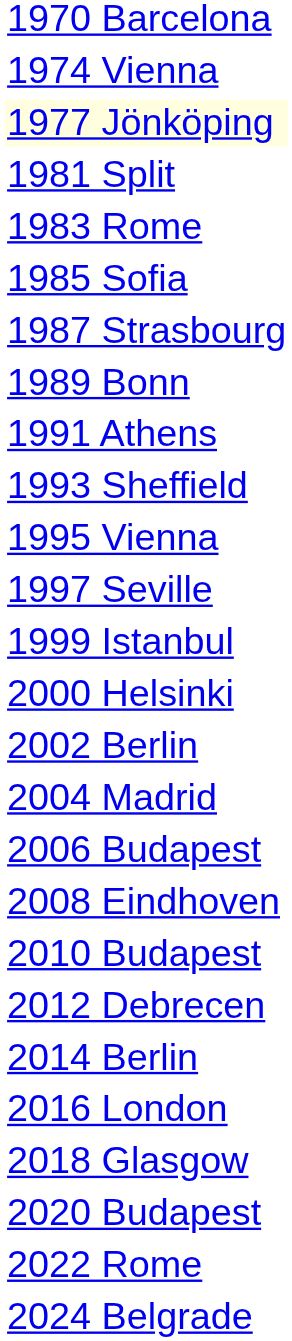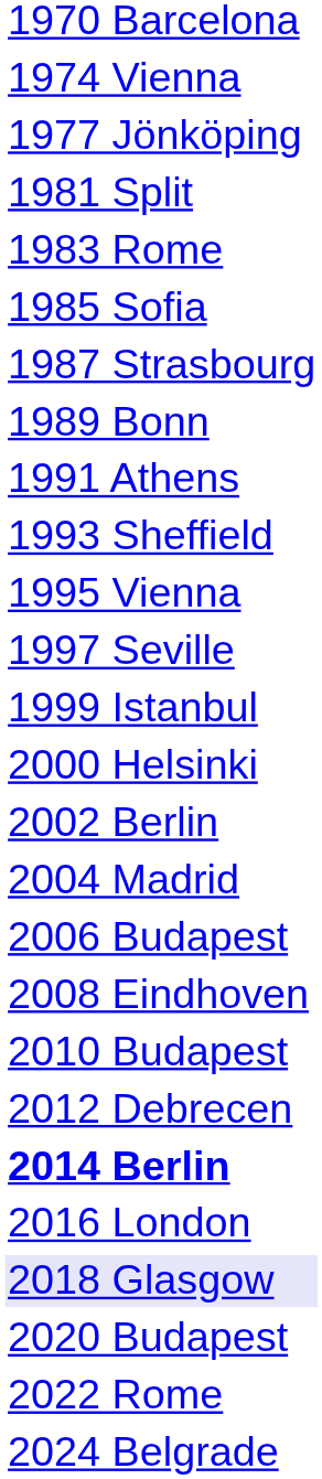 <table>
 <tr>
 <td><a href='#'>1970 Barcelona</a></td>
 <td></td>
 <td></td>
 <td></td>
 </tr>
 <tr>
 <td><a href='#'>1974 Vienna</a></td>
 <td></td>
 <td></td>
 <td></td>
 </tr>
 <tr>
-<td style="background: lightyellow;"><a href='#'>1977 Jönköping</a></td>
+<td><a href='#'>1977 Jönköping</a></td>
 <td></td>
 <td></td>
 <td></td>
 </tr>
 <tr>
 <td><a href='#'>1981 Split</a></td>
 <td></td>
 <td></td>
 <td></td>
 </tr>
 <tr>
 <td><a href='#'>1983 Rome</a></td>
 <td></td>
 <td></td>
 <td></td>
 </tr>
 <tr>
 <td><a href='#'>1985 Sofia</a></td>
 <td></td>
 <td></td>
 <td></td>
 </tr>
 <tr>
 <td><a href='#'>1987 Strasbourg</a></td>
 <td></td>
 <td></td>
 <td></td>
 </tr>
 <tr>
 <td><a href='#'>1989 Bonn</a></td>
 <td></td>
 <td></td>
 <td></td>
 </tr>
 <tr>
 <td><a href='#'>1991 Athens</a></td>
 <td></td>
 <td></td>
 <td></td>
 </tr>
 <tr>
 <td><a href='#'>1993 Sheffield</a></td>
 <td></td>
 <td></td>
 <td></td>
 </tr>
 <tr>
 <td rowspan=2><a href='#'>1995 Vienna</a></td>
 <td rowspan=2></td>
 <td rowspan=2></td>
 <td></td>
 </tr>
 <tr>
 <td></td>
 </tr>
 <tr>
 <td><a href='#'>1997 Seville</a></td>
 <td></td>
 <td></td>
 <td></td>
 </tr>
 <tr>
 <td><a href='#'>1999 Istanbul</a></td>
 <td></td>
 <td></td>
 <td></td>
 </tr>
 <tr>
 <td><a href='#'>2000 Helsinki</a></td>
 <td></td>
 <td></td>
 <td></td>
 </tr>
 <tr>
 <td><a href='#'>2002 Berlin</a></td>
 <td></td>
 <td></td>
 <td></td>
 </tr>
 <tr>
 <td><a href='#'>2004 Madrid</a></td>
 <td></td>
 <td></td>
 <td></td>
 </tr>
 <tr>
 <td><a href='#'>2006 Budapest</a></td>
 <td></td>
 <td></td>
 <td></td>
 </tr>
 <tr>
 <td><a href='#'>2008 Eindhoven</a></td>
 <td></td>
 <td></td>
 <td></td>
 </tr>
 <tr>
 <td><a href='#'>2010 Budapest</a></td>
 <td></td>
 <td></td>
 <td></td>
 </tr>
 <tr>
 <td><a href='#'>2012 Debrecen</a></td>
 <td></td>
 <td></td>
 <td></td>
 </tr>
 <tr>
-<td><a href='#'>2014 Berlin</a></td>
+<td><strong><a href='#'>2014 Berlin</a></strong></td>
 <td></td>
 <td></td>
 <td></td>
 </tr>
 <tr>
 <td><a href='#'>2016 London</a></td>
 <td></td>
 <td></td>
 <td></td>
 </tr>
 <tr>
-<td><a href='#'>2018 Glasgow</a></td>
+<td style="background: lavender;"><a href='#'>2018 Glasgow</a></td>
 <td></td>
 <td></td>
 <td></td>
 </tr>
 <tr>
 <td><a href='#'>2020 Budapest</a></td>
 <td></td>
 <td></td>
 <td></td>
 </tr>
 <tr>
 <td><a href='#'>2022 Rome</a></td>
 <td></td>
 <td></td>
 <td></td>
 </tr>
 <tr>
 <td><a href='#'>2024 Belgrade</a></td>
 <td></td>
 <td></td>
 <td></td>
 </tr>
 </table>
